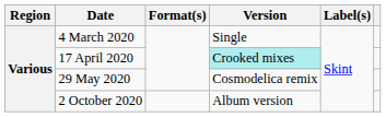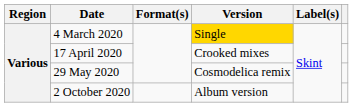 <table class="wikitable plainrowheaders">
 <tr>
 <th scope="col">Region</th>
 <th scope="col">Date</th>
 <th scope="col">Format(s)</th>
 <th scope="col">Version</th>
 <th scope="col">Label(s)</th>
 <th scope="col"></th>
 </tr>
 <tr>
 <th scope="row" rowspan="4">Various</th>
 <td>4 March 2020</td>
 <td rowspan="3"></td>
-<td>Single</td>
+<td style="background: gold;">Single</td>
 <td rowspan="4"><a href='#'>Skint</a></td>
 <td style="text-align:center;"></td>
 </tr>
 <tr>
 <td>17 April 2020</td>
-<td style="background: paleturquoise;">Crooked mixes</td>
+<td>Crooked mixes</td>
 <td style="text-align:center;"></td>
 </tr>
 <tr>
 <td>29 May 2020</td>
 <td>Cosmodelica remix</td>
 <td style="text-align:center;"></td>
 </tr>
 <tr>
 <td>2 October 2020</td>
 <td></td>
 <td>Album version</td>
 <td style="text-align:center;"></td>
 </tr>
 </table>
